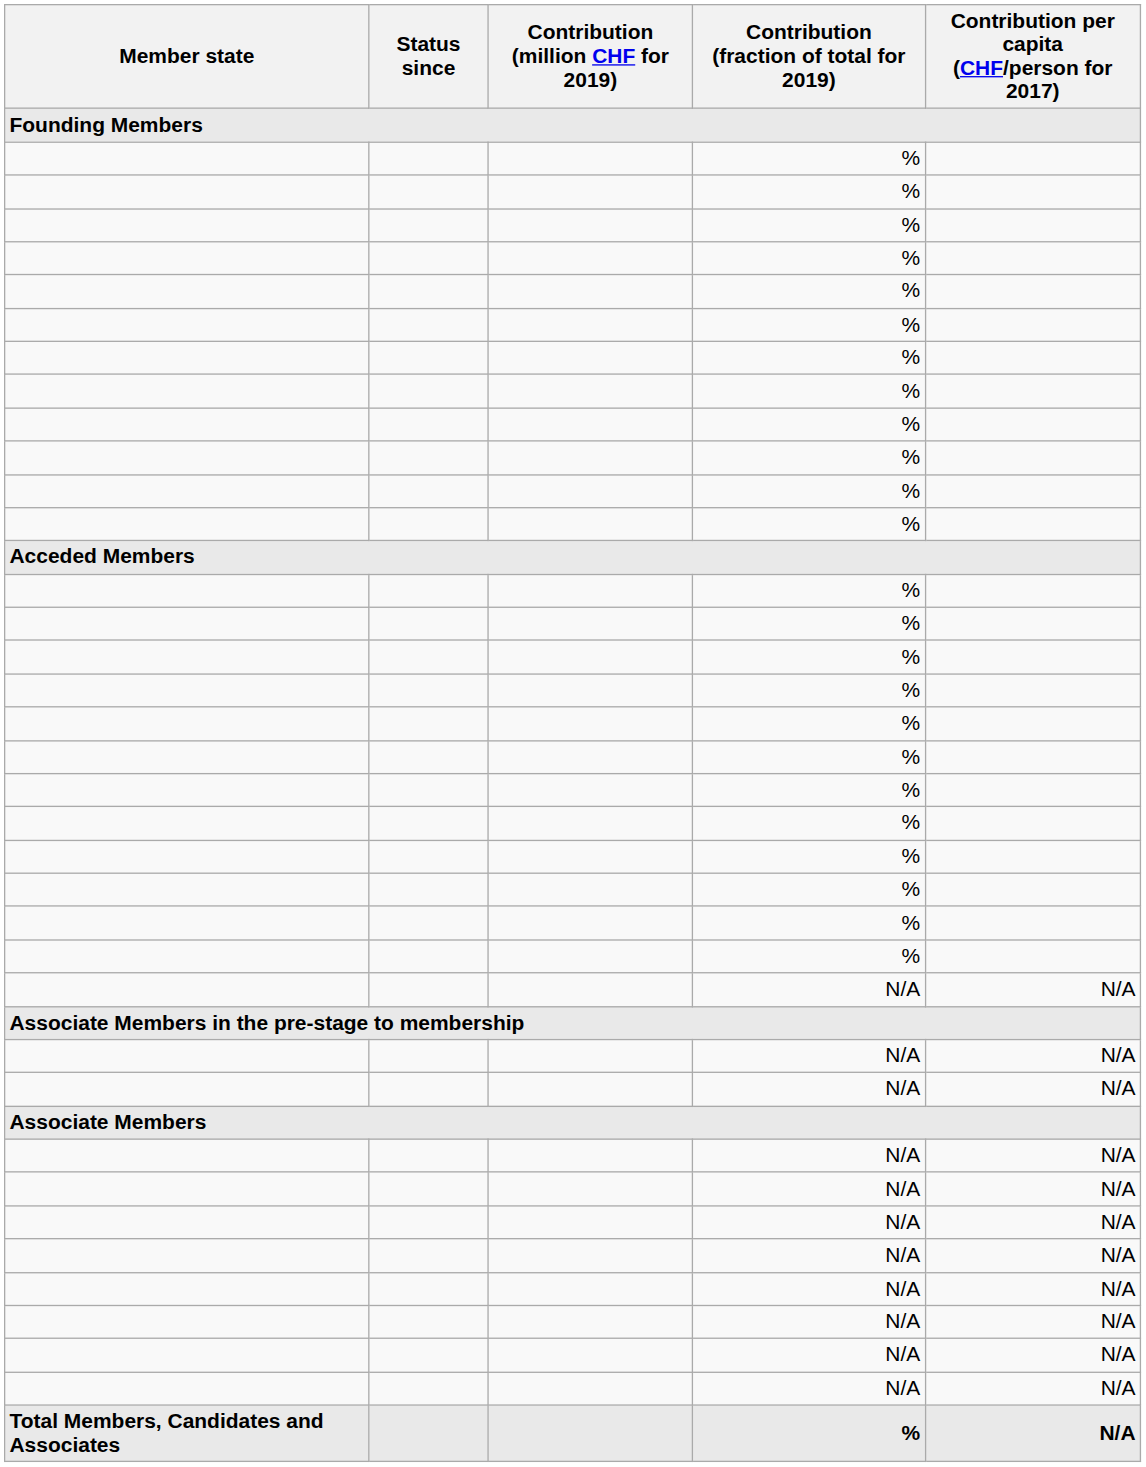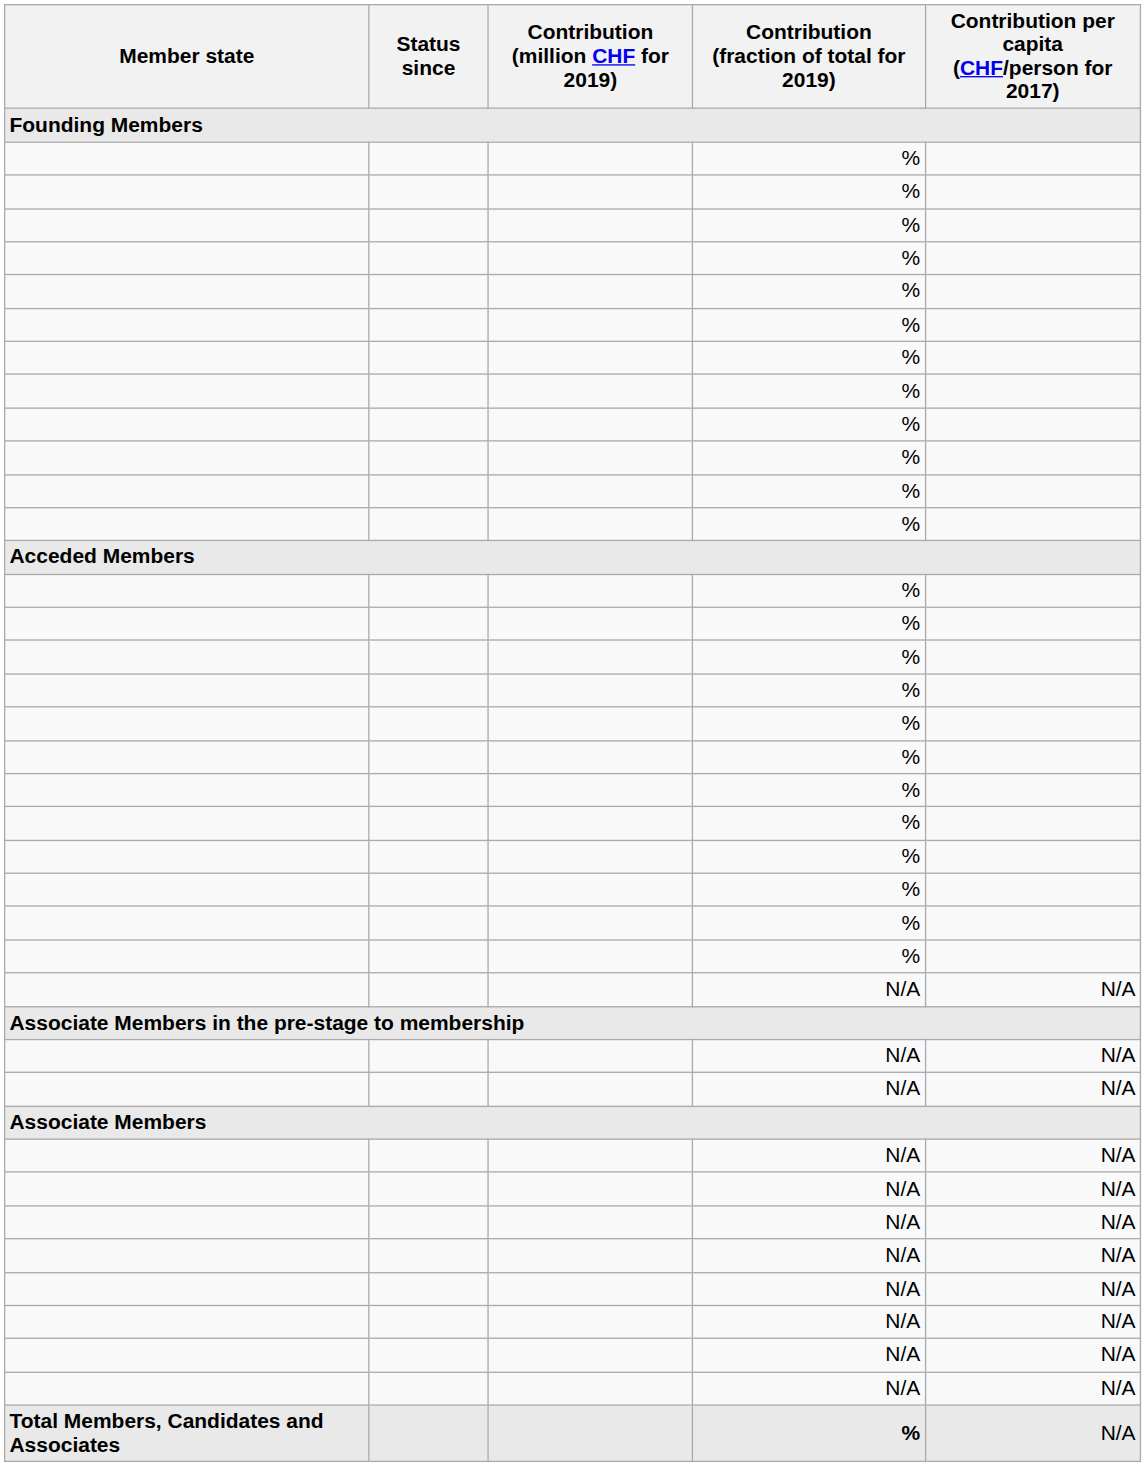 <table class="wikitable sortable">
 <tr>
 <th>Member state</th>
 <th>Status since</th>
 <th>Contribution<br>(million <a href='#'>CHF</a> for 2019)</th>
 <th>Contribution<br>(fraction of total for 2019)</th>
 <th>Contribution per capita<br>(<a href='#'>CHF</a>/person for 2017)</th>
 </tr>
 <tr class="sortbottom" style="background:#e9e9e9;">
 <td colspan=5><strong>Founding Members</strong></td>
 </tr>
 <tr>
 <td></td>
 <td></td>
 <td style="text-align:right;"></td>
 <td style="text-align:right;">%</td>
 <td style="text-align:right;"></td>
 </tr>
 <tr>
 <td></td>
 <td></td>
 <td style="text-align:right;"></td>
 <td style="text-align:right;">%</td>
 <td style="text-align:right;"></td>
 </tr>
 <tr>
 <td></td>
 <td></td>
 <td style="text-align:right;"></td>
 <td style="text-align:right;">%</td>
 <td style="text-align:right;"></td>
 </tr>
 <tr>
 <td></td>
 <td></td>
 <td style="text-align:right;"></td>
 <td style="text-align:right;">%</td>
 <td style="text-align:right;"></td>
 </tr>
 <tr>
 <td></td>
 <td></td>
 <td style="text-align:right;"></td>
 <td style="text-align:right;">%</td>
 <td style="text-align:right;"></td>
 </tr>
 <tr>
 <td></td>
 <td></td>
 <td style="text-align:right;"></td>
 <td style="text-align:right;">%</td>
 <td style="text-align:right;"></td>
 </tr>
 <tr>
 <td></td>
 <td></td>
 <td style="text-align:right;"></td>
 <td style="text-align:right;">%</td>
 <td style="text-align:right;"></td>
 </tr>
 <tr>
 <td></td>
 <td></td>
 <td style="text-align:right;"></td>
 <td style="text-align:right;">%</td>
 <td style="text-align:right;"></td>
 </tr>
 <tr>
 <td></td>
 <td></td>
 <td style="text-align:right;"></td>
 <td style="text-align:right;">%</td>
 <td style="text-align:right;"></td>
 </tr>
 <tr>
 <td></td>
 <td></td>
 <td style="text-align:right;"></td>
 <td style="text-align:right;">%</td>
 <td style="text-align:right;"></td>
 </tr>
 <tr>
 <td></td>
 <td></td>
 <td style="text-align:right;"></td>
 <td style="text-align:right;">%</td>
 <td style="text-align:right;"></td>
 </tr>
 <tr>
 <td><em></em></td>
 <td><em></em></td>
 <td style="text-align:right;"></td>
 <td style="text-align:right;">%</td>
 <td style="text-align:right;"></td>
 </tr>
 <tr class="sortbottom" style="background:#e9e9e9;">
 <td colspan=5><strong>Acceded Members</strong></td>
 </tr>
 <tr>
 <td></td>
 <td></td>
 <td style="text-align:right;"></td>
 <td style="text-align:right;">%</td>
 <td style="text-align:right;"></td>
 </tr>
 <tr>
 <td></td>
 <td></td>
 <td style="text-align:right;"></td>
 <td style="text-align:right;">%</td>
 <td style="text-align:right;"></td>
 </tr>
 <tr>
 <td></td>
 <td></td>
 <td style="text-align:right;"></td>
 <td style="text-align:right;">%</td>
 <td style="text-align:right;"></td>
 </tr>
 <tr>
 <td></td>
 <td></td>
 <td style="text-align:right;"></td>
 <td style="text-align:right;">%</td>
 <td style="text-align:right;"></td>
 </tr>
 <tr>
 <td></td>
 <td></td>
 <td style="text-align:right;"></td>
 <td style="text-align:right;">%</td>
 <td style="text-align:right;"></td>
 </tr>
 <tr>
 <td></td>
 <td></td>
 <td style="text-align:right;"></td>
 <td style="text-align:right;">%</td>
 <td style="text-align:right;"></td>
 </tr>
 <tr>
 <td></td>
 <td></td>
 <td style="text-align:right;"></td>
 <td style="text-align:right;">%</td>
 <td style="text-align:right;"></td>
 </tr>
 <tr>
 <td></td>
 <td></td>
 <td style="text-align:right;"></td>
 <td style="text-align:right;">%</td>
 <td style="text-align:right;"></td>
 </tr>
 <tr>
 <td></td>
 <td></td>
 <td style="text-align:right;"></td>
 <td style="text-align:right;">%</td>
 <td style="text-align:right;"></td>
 </tr>
 <tr>
 <td></td>
 <td></td>
 <td style="text-align:right;"></td>
 <td style="text-align:right;">%</td>
 <td style="text-align:right;"></td>
 </tr>
 <tr>
 <td></td>
 <td></td>
 <td style="text-align:right;"></td>
 <td style="text-align:right;">%</td>
 <td style="text-align:right;"></td>
 </tr>
 <tr>
 <td></td>
 <td></td>
 <td style="text-align:right;"></td>
 <td style="text-align:right;">%</td>
 <td style="text-align:right;"></td>
 </tr>
 <tr>
 <td></td>
 <td></td>
 <td style="text-align:right;"></td>
 <td style="text-align:right;">N/A</td>
 <td style="text-align:right;">N/A</td>
 </tr>
 <tr class="sortbottom" style="background:#e9e9e9;">
 <td colspan=5><strong>Associate Members in the pre-stage to membership</strong></td>
 </tr>
 <tr>
 <td></td>
 <td></td>
 <td style="text-align:right;"></td>
 <td style="text-align:right;">N/A</td>
 <td style="text-align:right;">N/A</td>
 </tr>
 <tr>
 <td></td>
 <td></td>
 <td style="text-align:right;"></td>
 <td style="text-align:right;">N/A</td>
 <td style="text-align:right;">N/A</td>
 </tr>
 <tr class="sortbottom" style="background:#e9e9e9;">
 <td colspan=5><strong>Associate Members</strong></td>
 </tr>
 <tr>
 <td></td>
 <td></td>
 <td style="text-align:right;"></td>
 <td style="text-align:right;">N/A</td>
 <td style="text-align:right;">N/A</td>
 </tr>
 <tr>
 <td></td>
 <td></td>
 <td style="text-align:right;"></td>
 <td style="text-align:right;">N/A</td>
 <td style="text-align:right;">N/A</td>
 </tr>
 <tr>
 <td></td>
 <td></td>
 <td style="text-align:right;"></td>
 <td style="text-align:right;">N/A</td>
 <td style="text-align:right;">N/A</td>
 </tr>
 <tr>
 <td></td>
 <td></td>
 <td style="text-align:right;"></td>
 <td style="text-align:right;">N/A</td>
 <td style="text-align:right;">N/A</td>
 </tr>
 <tr>
 <td></td>
 <td></td>
 <td style="text-align:right;"></td>
 <td style="text-align:right;">N/A</td>
 <td style="text-align:right;">N/A</td>
 </tr>
 <tr>
 <td></td>
 <td></td>
 <td style="text-align:right;"></td>
 <td style="text-align:right;">N/A</td>
 <td style="text-align:right;">N/A</td>
 </tr>
 <tr>
 <td></td>
 <td></td>
 <td style="text-align:right;"></td>
 <td style="text-align:right;">N/A</td>
 <td style="text-align:right;">N/A</td>
 </tr>
 <tr>
 <td></td>
 <td></td>
 <td style="text-align:right;"></td>
 <td style="text-align:right;">N/A</td>
 <td style="text-align:right;">N/A</td>
 </tr>
 <tr class="sortbottom" style="background:#e9e9e9;">
 <td><strong>Total Members, Candidates and Associates</strong></td>
 <td></td>
 <td style="text-align:right;"><strong></strong></td>
 <td style="text-align:right;"><strong>%</strong></td>
-<td style="text-align:right;"><strong>N/A</strong></td>
+<td style="text-align:right;">N/A</td>
 </tr>
 </table>
